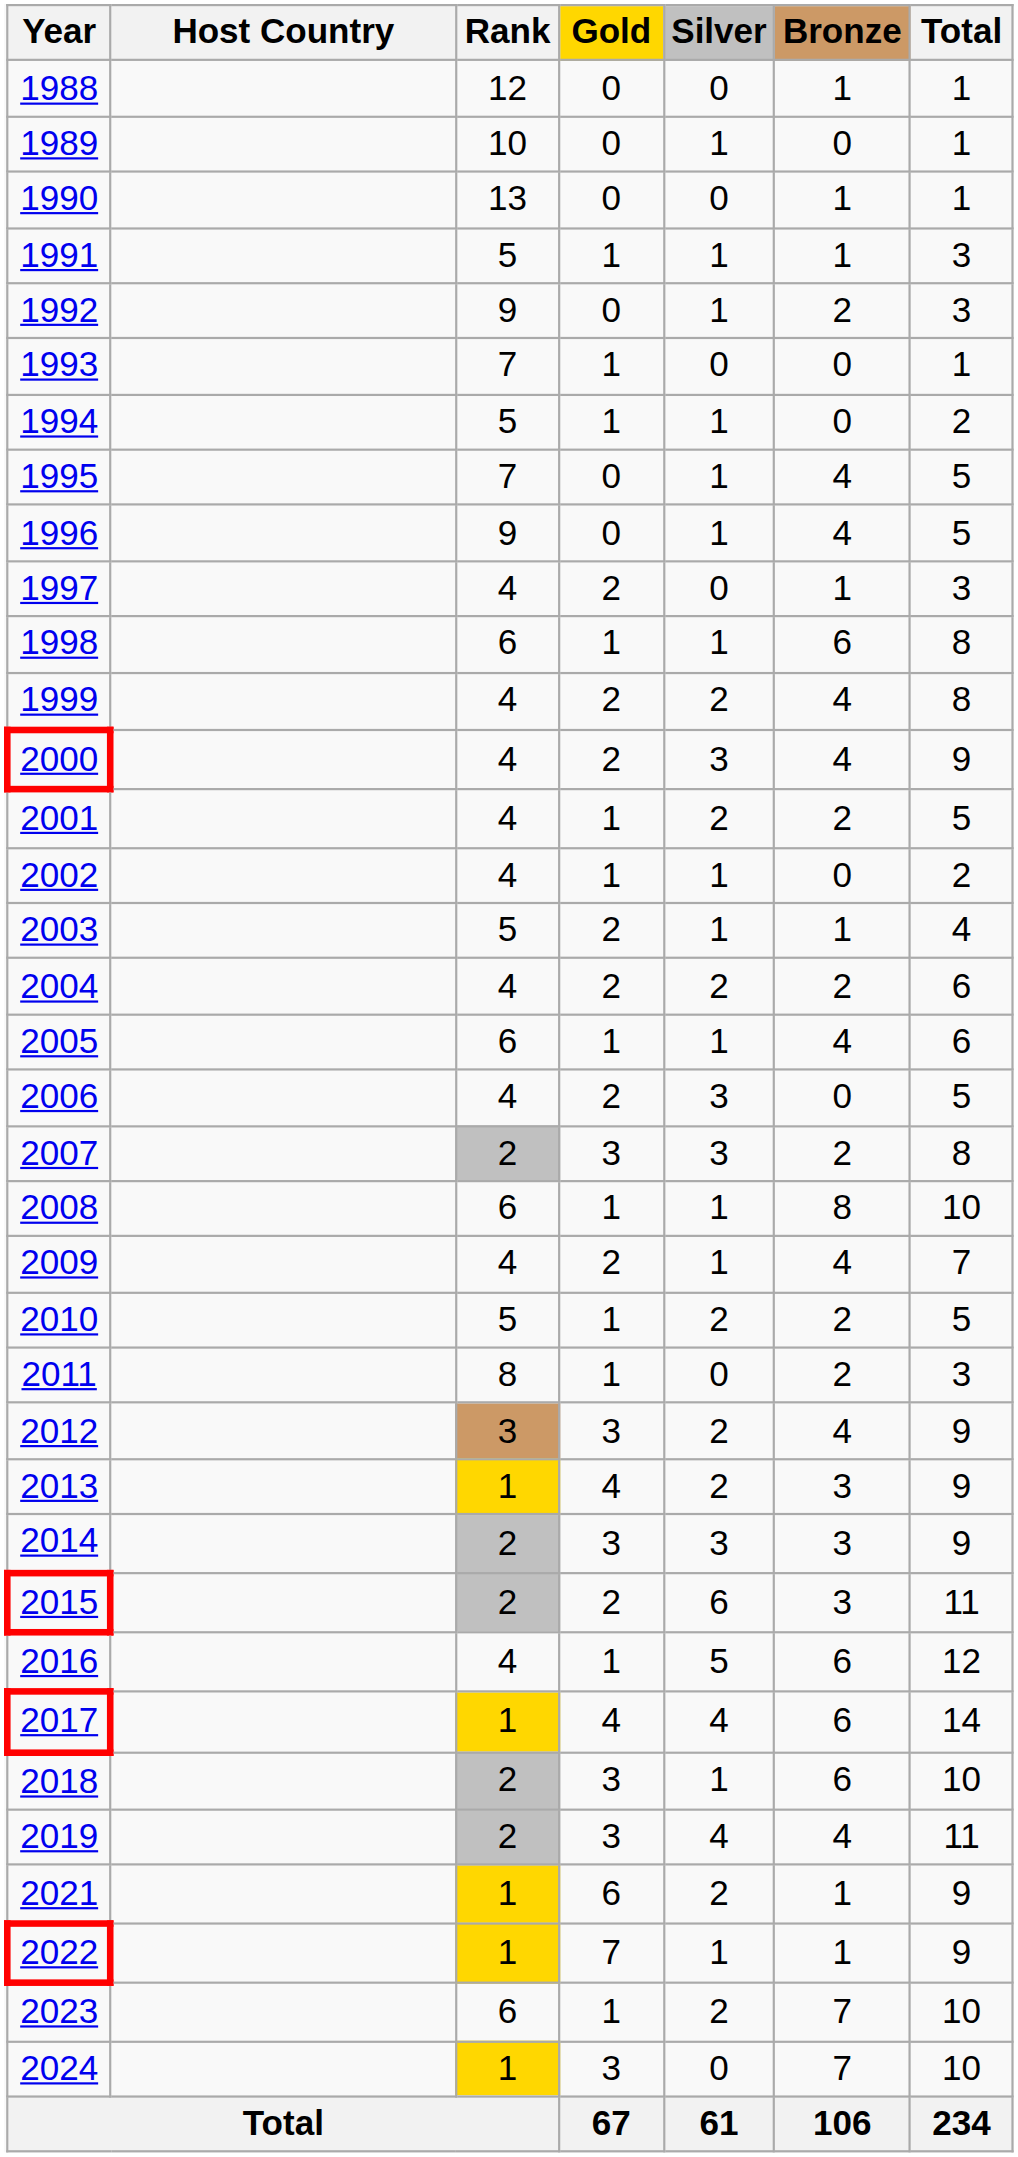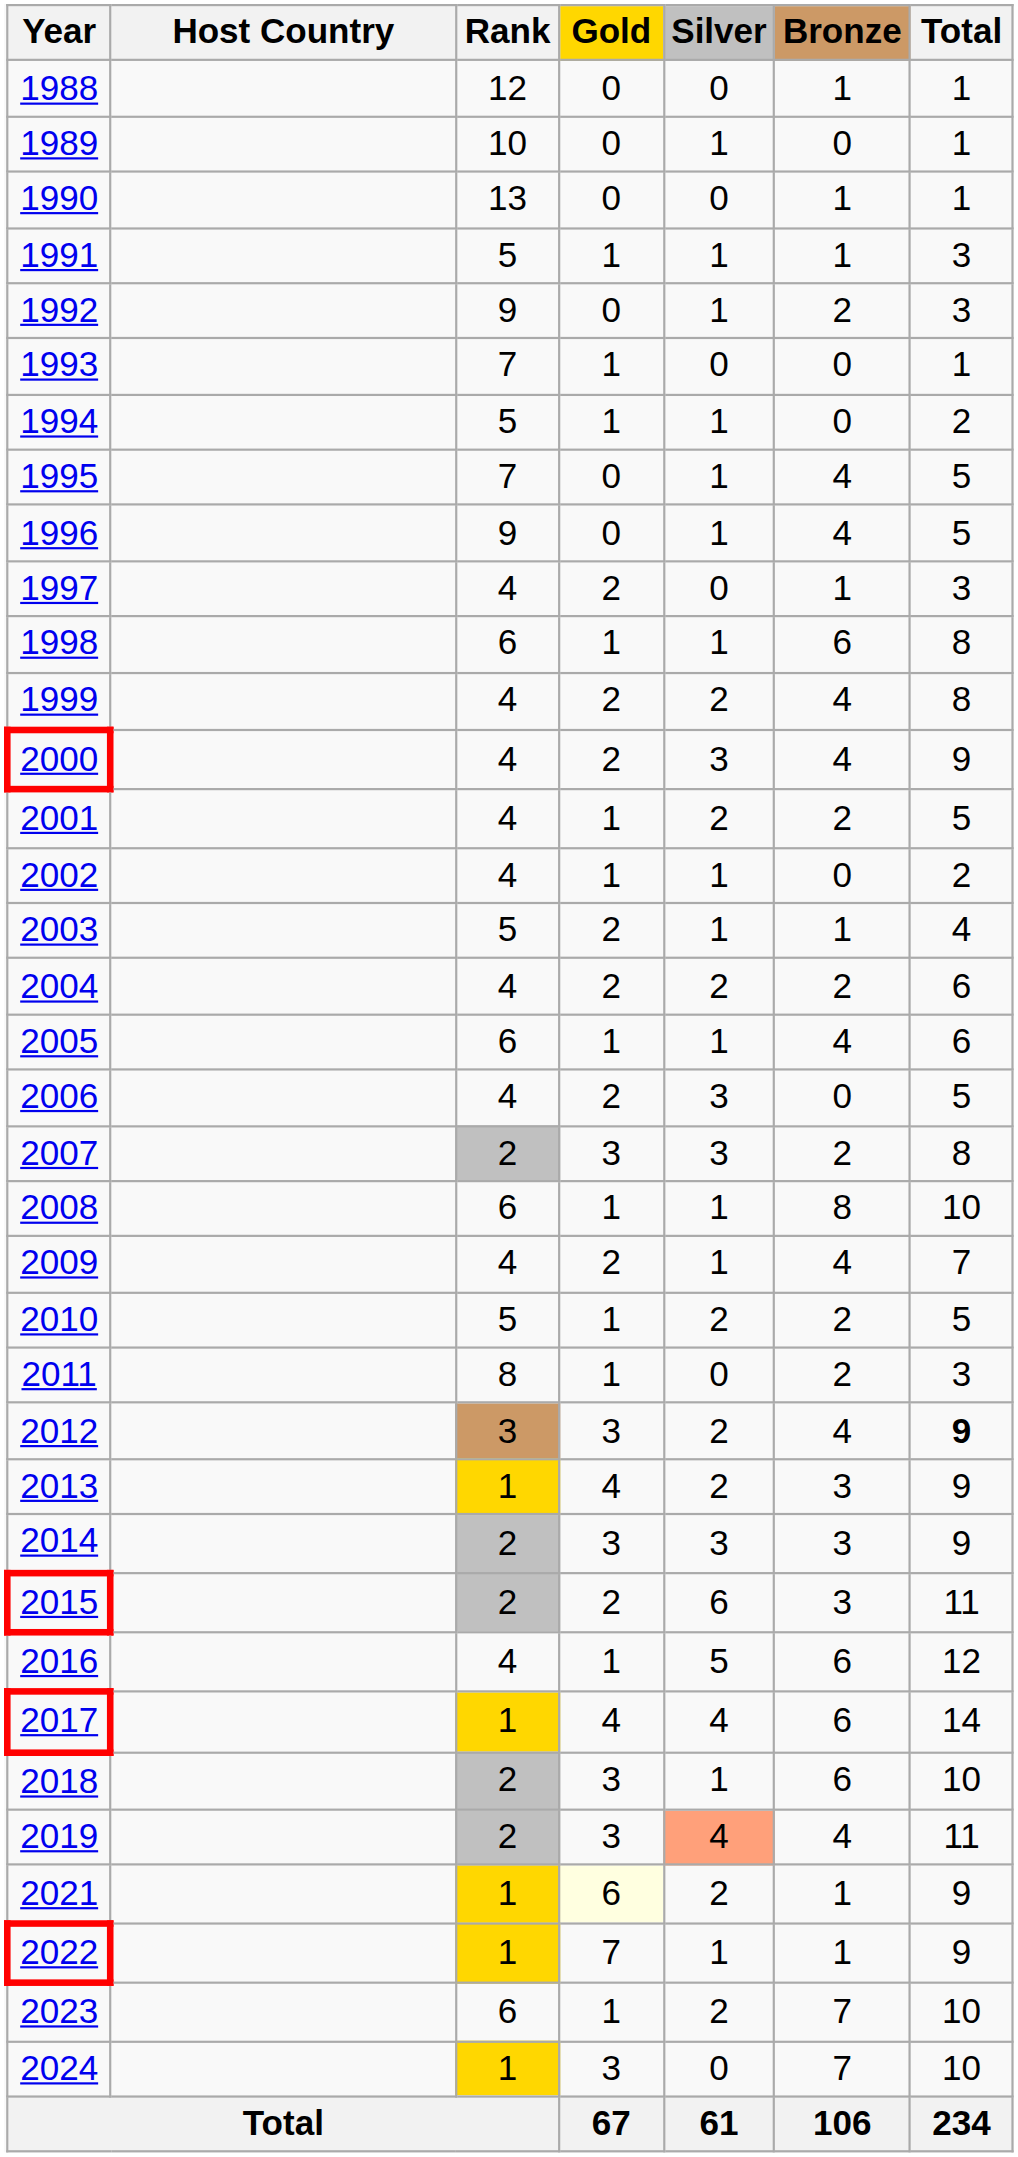 <table class="wikitable">
 <tr>
 <th width=40>Year</th>
 <th width=150>Host Country</th>
 <th width=40>Rank</th>
 <td width=40 bgcolor=gold align="center"><strong>Gold</strong></td>
 <td width=40 bgcolor=silver align="center"><strong>Silver</strong></td>
 <td width=4 bgcolor=#cc9966 align="center"><strong>Bronze</strong></td>
 <th width=40>Total</th>
 </tr>
 <tr align="center">
 <td><a href='#'>1988</a></td>
 <td align="left"></td>
 <td>12</td>
 <td>0</td>
 <td>0</td>
 <td>1</td>
 <td>1</td>
 </tr>
 <tr align="center">
 <td><a href='#'>1989</a></td>
 <td align="left"></td>
 <td>10</td>
 <td>0</td>
 <td>1</td>
 <td>0</td>
 <td>1</td>
 </tr>
 <tr align="center">
 <td><a href='#'>1990</a></td>
 <td align="left"></td>
 <td>13</td>
 <td>0</td>
 <td>0</td>
 <td>1</td>
 <td>1</td>
 </tr>
 <tr align="center">
 <td><a href='#'>1991</a></td>
 <td align="left"></td>
 <td>5</td>
 <td>1</td>
 <td>1</td>
 <td>1</td>
 <td>3</td>
 </tr>
 <tr align="center">
 <td><a href='#'>1992</a></td>
 <td align="left"></td>
 <td>9</td>
 <td>0</td>
 <td>1</td>
 <td>2</td>
 <td>3</td>
 </tr>
 <tr align="center">
 <td><a href='#'>1993</a></td>
 <td align="left"></td>
 <td>7</td>
 <td>1</td>
 <td>0</td>
 <td>0</td>
 <td>1</td>
 </tr>
 <tr align="center">
 <td><a href='#'>1994</a></td>
 <td align="left"></td>
 <td>5</td>
 <td>1</td>
 <td>1</td>
 <td>0</td>
 <td>2</td>
 </tr>
 <tr align="center">
 <td><a href='#'>1995</a></td>
 <td align="left"></td>
 <td>7</td>
 <td>0</td>
 <td>1</td>
 <td>4</td>
 <td>5</td>
 </tr>
 <tr align="center">
 <td><a href='#'>1996</a></td>
 <td align="left"></td>
 <td>9</td>
 <td>0</td>
 <td>1</td>
 <td>4</td>
 <td>5</td>
 </tr>
 <tr align="center">
 <td><a href='#'>1997</a></td>
 <td align="left"></td>
 <td>4</td>
 <td>2</td>
 <td>0</td>
 <td>1</td>
 <td>3</td>
 </tr>
 <tr align="center">
 <td><a href='#'>1998</a></td>
 <td align="left"></td>
 <td>6</td>
 <td>1</td>
 <td>1</td>
 <td>6</td>
 <td>8</td>
 </tr>
 <tr align="center">
 <td><a href='#'>1999</a></td>
 <td align="left"></td>
 <td>4</td>
 <td>2</td>
 <td>2</td>
 <td>4</td>
 <td>8</td>
 </tr>
 <tr align="center">
 <td style="border: 3px solid red"><a href='#'>2000</a></td>
 <td align="left"></td>
 <td>4</td>
 <td>2</td>
 <td>3</td>
 <td>4</td>
 <td>9</td>
 </tr>
 <tr align="center">
 <td><a href='#'>2001</a></td>
 <td align="left"></td>
 <td>4</td>
 <td>1</td>
 <td>2</td>
 <td>2</td>
 <td>5</td>
 </tr>
 <tr align="center">
 <td><a href='#'>2002</a></td>
 <td align="left"></td>
 <td>4</td>
 <td>1</td>
 <td>1</td>
 <td>0</td>
 <td>2</td>
 </tr>
 <tr align="center">
 <td><a href='#'>2003</a></td>
 <td align="left"></td>
 <td>5</td>
 <td>2</td>
 <td>1</td>
 <td>1</td>
 <td>4</td>
 </tr>
 <tr align="center">
 <td><a href='#'>2004</a></td>
 <td align="left"></td>
 <td>4</td>
 <td>2</td>
 <td>2</td>
 <td>2</td>
 <td>6</td>
 </tr>
 <tr align="center">
 <td><a href='#'>2005</a></td>
 <td align="left"></td>
 <td>6</td>
 <td>1</td>
 <td>1</td>
 <td>4</td>
 <td>6</td>
 </tr>
 <tr align="center">
 <td><a href='#'>2006</a></td>
 <td align="left"></td>
 <td>4</td>
 <td>2</td>
 <td>3</td>
 <td>0</td>
 <td>5</td>
 </tr>
 <tr align="center">
 <td><a href='#'>2007</a></td>
 <td align="left"></td>
 <td bgcolor=silver>2</td>
 <td>3</td>
 <td>3</td>
 <td>2</td>
 <td>8</td>
 </tr>
 <tr align="center">
 <td><a href='#'>2008</a></td>
 <td align="left"></td>
 <td>6</td>
 <td>1</td>
 <td>1</td>
 <td>8</td>
 <td>10</td>
 </tr>
 <tr align="center">
 <td><a href='#'>2009</a></td>
 <td align="left"></td>
 <td>4</td>
 <td>2</td>
 <td>1</td>
 <td>4</td>
 <td>7</td>
 </tr>
 <tr align="center">
 <td><a href='#'>2010</a></td>
 <td align="left"></td>
 <td>5</td>
 <td>1</td>
 <td>2</td>
 <td>2</td>
 <td>5</td>
 </tr>
 <tr align="center">
 <td><a href='#'>2011</a></td>
 <td align="left"></td>
 <td>8</td>
 <td>1</td>
 <td>0</td>
 <td>2</td>
 <td>3</td>
 </tr>
 <tr align="center">
 <td><a href='#'>2012</a></td>
 <td align="left"></td>
 <td bgcolor=cc9966>3</td>
 <td>3</td>
 <td>2</td>
 <td>4</td>
-<td>9</td>
+<td><strong>9</strong></td>
 </tr>
 <tr align="center">
 <td><a href='#'>2013</a></td>
 <td align="left"></td>
 <td bgcolor=gold>1</td>
 <td>4</td>
 <td>2</td>
 <td>3</td>
 <td>9</td>
 </tr>
 <tr align="center">
 <td><a href='#'>2014</a></td>
 <td align="left"></td>
 <td bgcolor=silver>2</td>
 <td>3</td>
 <td>3</td>
 <td>3</td>
 <td>9</td>
 </tr>
 <tr align="center">
 <td style="border: 3px solid red"><a href='#'>2015</a></td>
 <td align="left"></td>
 <td bgcolor=silver>2</td>
 <td>2</td>
 <td>6</td>
 <td>3</td>
 <td>11</td>
 </tr>
 <tr align="center">
 <td><a href='#'>2016</a></td>
 <td align="left"></td>
 <td>4</td>
 <td>1</td>
 <td>5</td>
 <td>6</td>
 <td>12</td>
 </tr>
 <tr align="center">
 <td style="border: 3px solid red"><a href='#'>2017</a></td>
 <td align="left"></td>
 <td bgcolor=gold>1</td>
 <td>4</td>
 <td>4</td>
 <td>6</td>
 <td>14</td>
 </tr>
 <tr align="center">
 <td><a href='#'>2018</a></td>
 <td align="left"></td>
 <td bgcolor=silver>2</td>
 <td>3</td>
 <td>1</td>
 <td>6</td>
 <td>10</td>
 </tr>
 <tr align="center">
 <td><a href='#'>2019</a></td>
 <td align="left"></td>
 <td bgcolor=silver>2</td>
 <td>3</td>
-<td>4</td>
+<td style="background: lightsalmon;">4</td>
 <td>4</td>
 <td>11</td>
 </tr>
 <tr align="center">
 <td><a href='#'>2021</a></td>
 <td align="left"></td>
 <td bgcolor=gold>1</td>
-<td>6</td>
+<td style="background: lightyellow;">6</td>
 <td>2</td>
 <td>1</td>
 <td>9</td>
 </tr>
 <tr align="center">
 <td style="border: 3px solid red"><a href='#'>2022</a></td>
 <td align="left"></td>
 <td bgcolor=gold>1</td>
 <td>7</td>
 <td>1</td>
 <td>1</td>
 <td>9</td>
 </tr>
 <tr align="center">
 <td><a href='#'>2023</a></td>
 <td align="left"></td>
 <td>6</td>
 <td>1</td>
 <td>2</td>
 <td>7</td>
 <td>10</td>
 </tr>
 <tr align="center">
 <td><a href='#'>2024</a></td>
 <td align="left"></td>
 <td bgcolor=gold>1</td>
 <td>3</td>
 <td>0</td>
 <td>7</td>
 <td>10</td>
 </tr>
 <tr align="center">
 <th align="left"; colspan=3>Total</th>
 <th>67</th>
 <th>61</th>
 <th>106</th>
 <th>234</th>
 </tr>
 </table>
